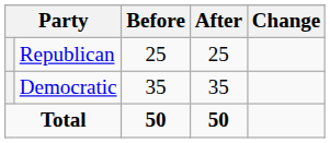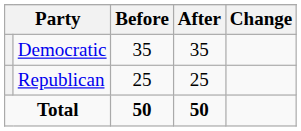 <table class="wikitable" style="text-align:center;">
 <tr>
 </tr>
 <tr>
 <th colspan=2>Party</th>
 <th>Before</th>
 <th>After</th>
 <th>Change</th>
 </tr>
 <tr>
 <th style="background-color:"></th>
-<td style="text-align:left;"><a href='#'>Republican</a></td>
-<td>25</td>
-<td>25</td>
+<td style="text-align:left;"><a href='#'>Democratic</a></td>
+<td>35</td>
+<td>35</td>
 <td></td>
 </tr>
 <tr>
 <th style="background-color:"></th>
-<td style="text-align:left;"><a href='#'>Democratic</a></td>
-<td>35</td>
-<td>35</td>
+<td style="text-align:left;"><a href='#'>Republican</a></td>
+<td>25</td>
+<td>25</td>
 <td></td>
 </tr>
 <tr>
 <td colspan=2><strong>Total</strong></td>
 <td><strong>50</strong></td>
 <td><strong>50</strong></td>
 <td></td>
 </tr>
 </table>
